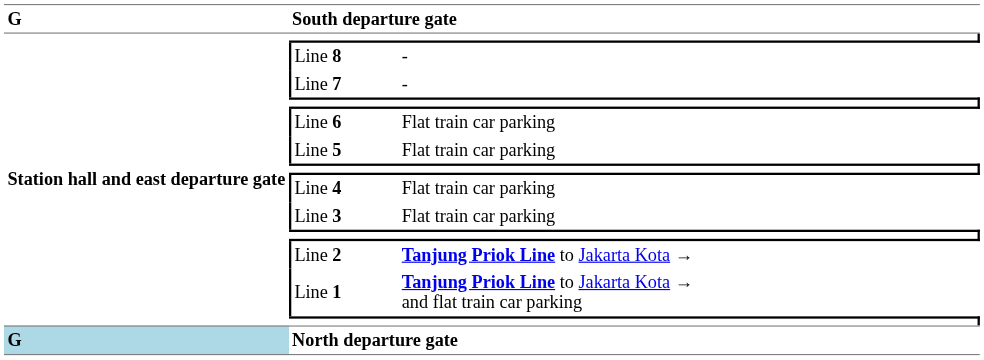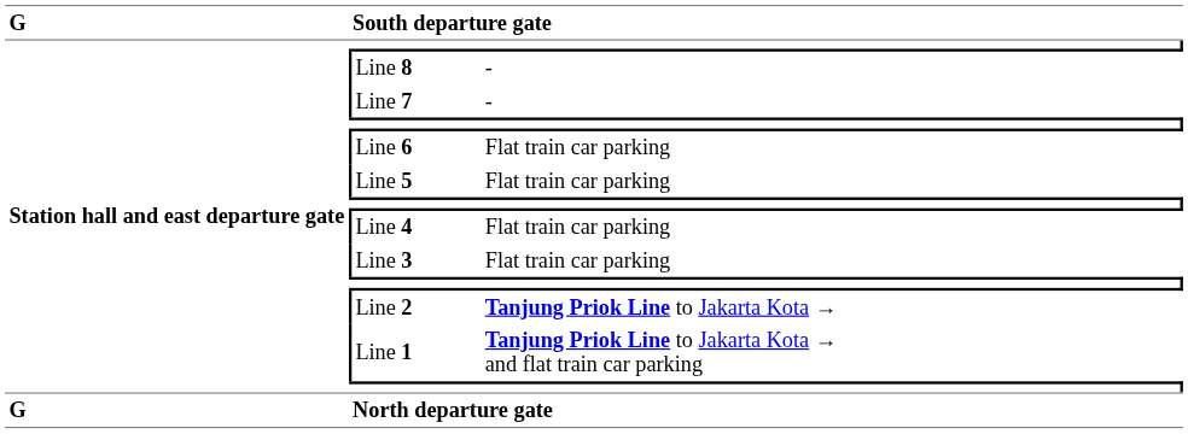 <table table border=0 cellspacing=0 cellpadding=3>
 <tr>
 <td style="border-bottom:solid 1px gray;border-top:solid 1px gray;"><strong>G</strong></td>
 <td style="border-bottom:solid 1px gray;border-top:solid 1px gray;" colspan="2" width=600><strong>South departure gate</strong></td>
 </tr>
 <tr>
 <td rowspan="13"><strong>Station hall and east departure gate</strong></td>
 <td style="border-bottom:solid 2px black;border-right:solid 2px black; text-align:center" colspan="2"></td>
 </tr>
 <tr>
 <td style="border-left:solid 2px black">Line <strong>8</strong></td>
 <td>-</td>
 </tr>
 <tr>
 <td style="border-left:solid 2px black">Line <strong>7</strong></td>
 <td>-</td>
 </tr>
 <tr>
 <td style="border-top:solid 2px black;border-right:solid 2px black;border-bottom:solid 2px black; text-align:center" colspan="2"></td>
 </tr>
 <tr>
 <td style="border-left:solid 2px black">Line <strong>6</strong></td>
 <td>Flat train car parking</td>
 </tr>
 <tr>
 <td style="border-left:solid 2px black">Line <strong>5</strong></td>
 <td>Flat train car parking</td>
 </tr>
 <tr>
 <td style="border-top:solid 2px black;border-right:solid 2px black;border-bottom:solid 2px black; text-align:center" colspan="2"></td>
 </tr>
 <tr>
 <td style="border-left:solid 2px black">Line <strong>4</strong></td>
 <td>Flat train car parking</td>
 </tr>
 <tr>
 <td style="border-left:solid 2px black">Line <strong>3</strong></td>
 <td>Flat train car parking</td>
 </tr>
 <tr>
 <td style="border-top:solid 2px black;border-right:solid 2px black;border-bottom:solid 2px black; text-align:center" colspan="2"></td>
 </tr>
 <tr>
 <td style="border-left:solid 2px black">Line <strong>2</strong></td>
 <td> <strong><a href='#'>Tanjung Priok Line</a></strong> to <a href='#'>Jakarta Kota</a>  →</td>
 </tr>
 <tr>
 <td style="border-left:solid 2px black">Line <strong>1</strong></td>
 <td> <strong><a href='#'>Tanjung Priok Line</a></strong> to <a href='#'>Jakarta Kota</a>  → <br> and flat train car parking</td>
 </tr>
 <tr>
 <td style="border-top:solid 2px black;border-right:solid 2px black; text-align:center" colspan="2"></td>
 </tr>
 <tr>
-<td style="background: lightblue; border-bottom:solid 1px gray;border-top:solid 1px gray;"><strong>G</strong></td>
+<td style="border-bottom:solid 1px gray;border-top:solid 1px gray;"><strong>G</strong></td>
 <td style="border-bottom:solid 1px gray;border-top:solid 1px gray;" colspan="2"><strong>North departure gate</strong></td>
 </tr>
 </table>
